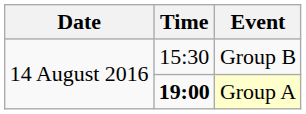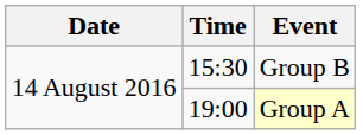 <table class = "wikitable" style="text-align:center;">
 <tr>
 <th>Date</th>
 <th>Time</th>
 <th>Event</th>
 </tr>
 <tr>
 <td rowspan=2>14 August 2016</td>
 <td>15:30</td>
 <td>Group B</td>
 </tr>
 <tr>
-<td><strong>19:00</strong></td>
+<td>19:00</td>
 <td bgcolor=ffffcc>Group A</td>
 </tr>
 </table>
